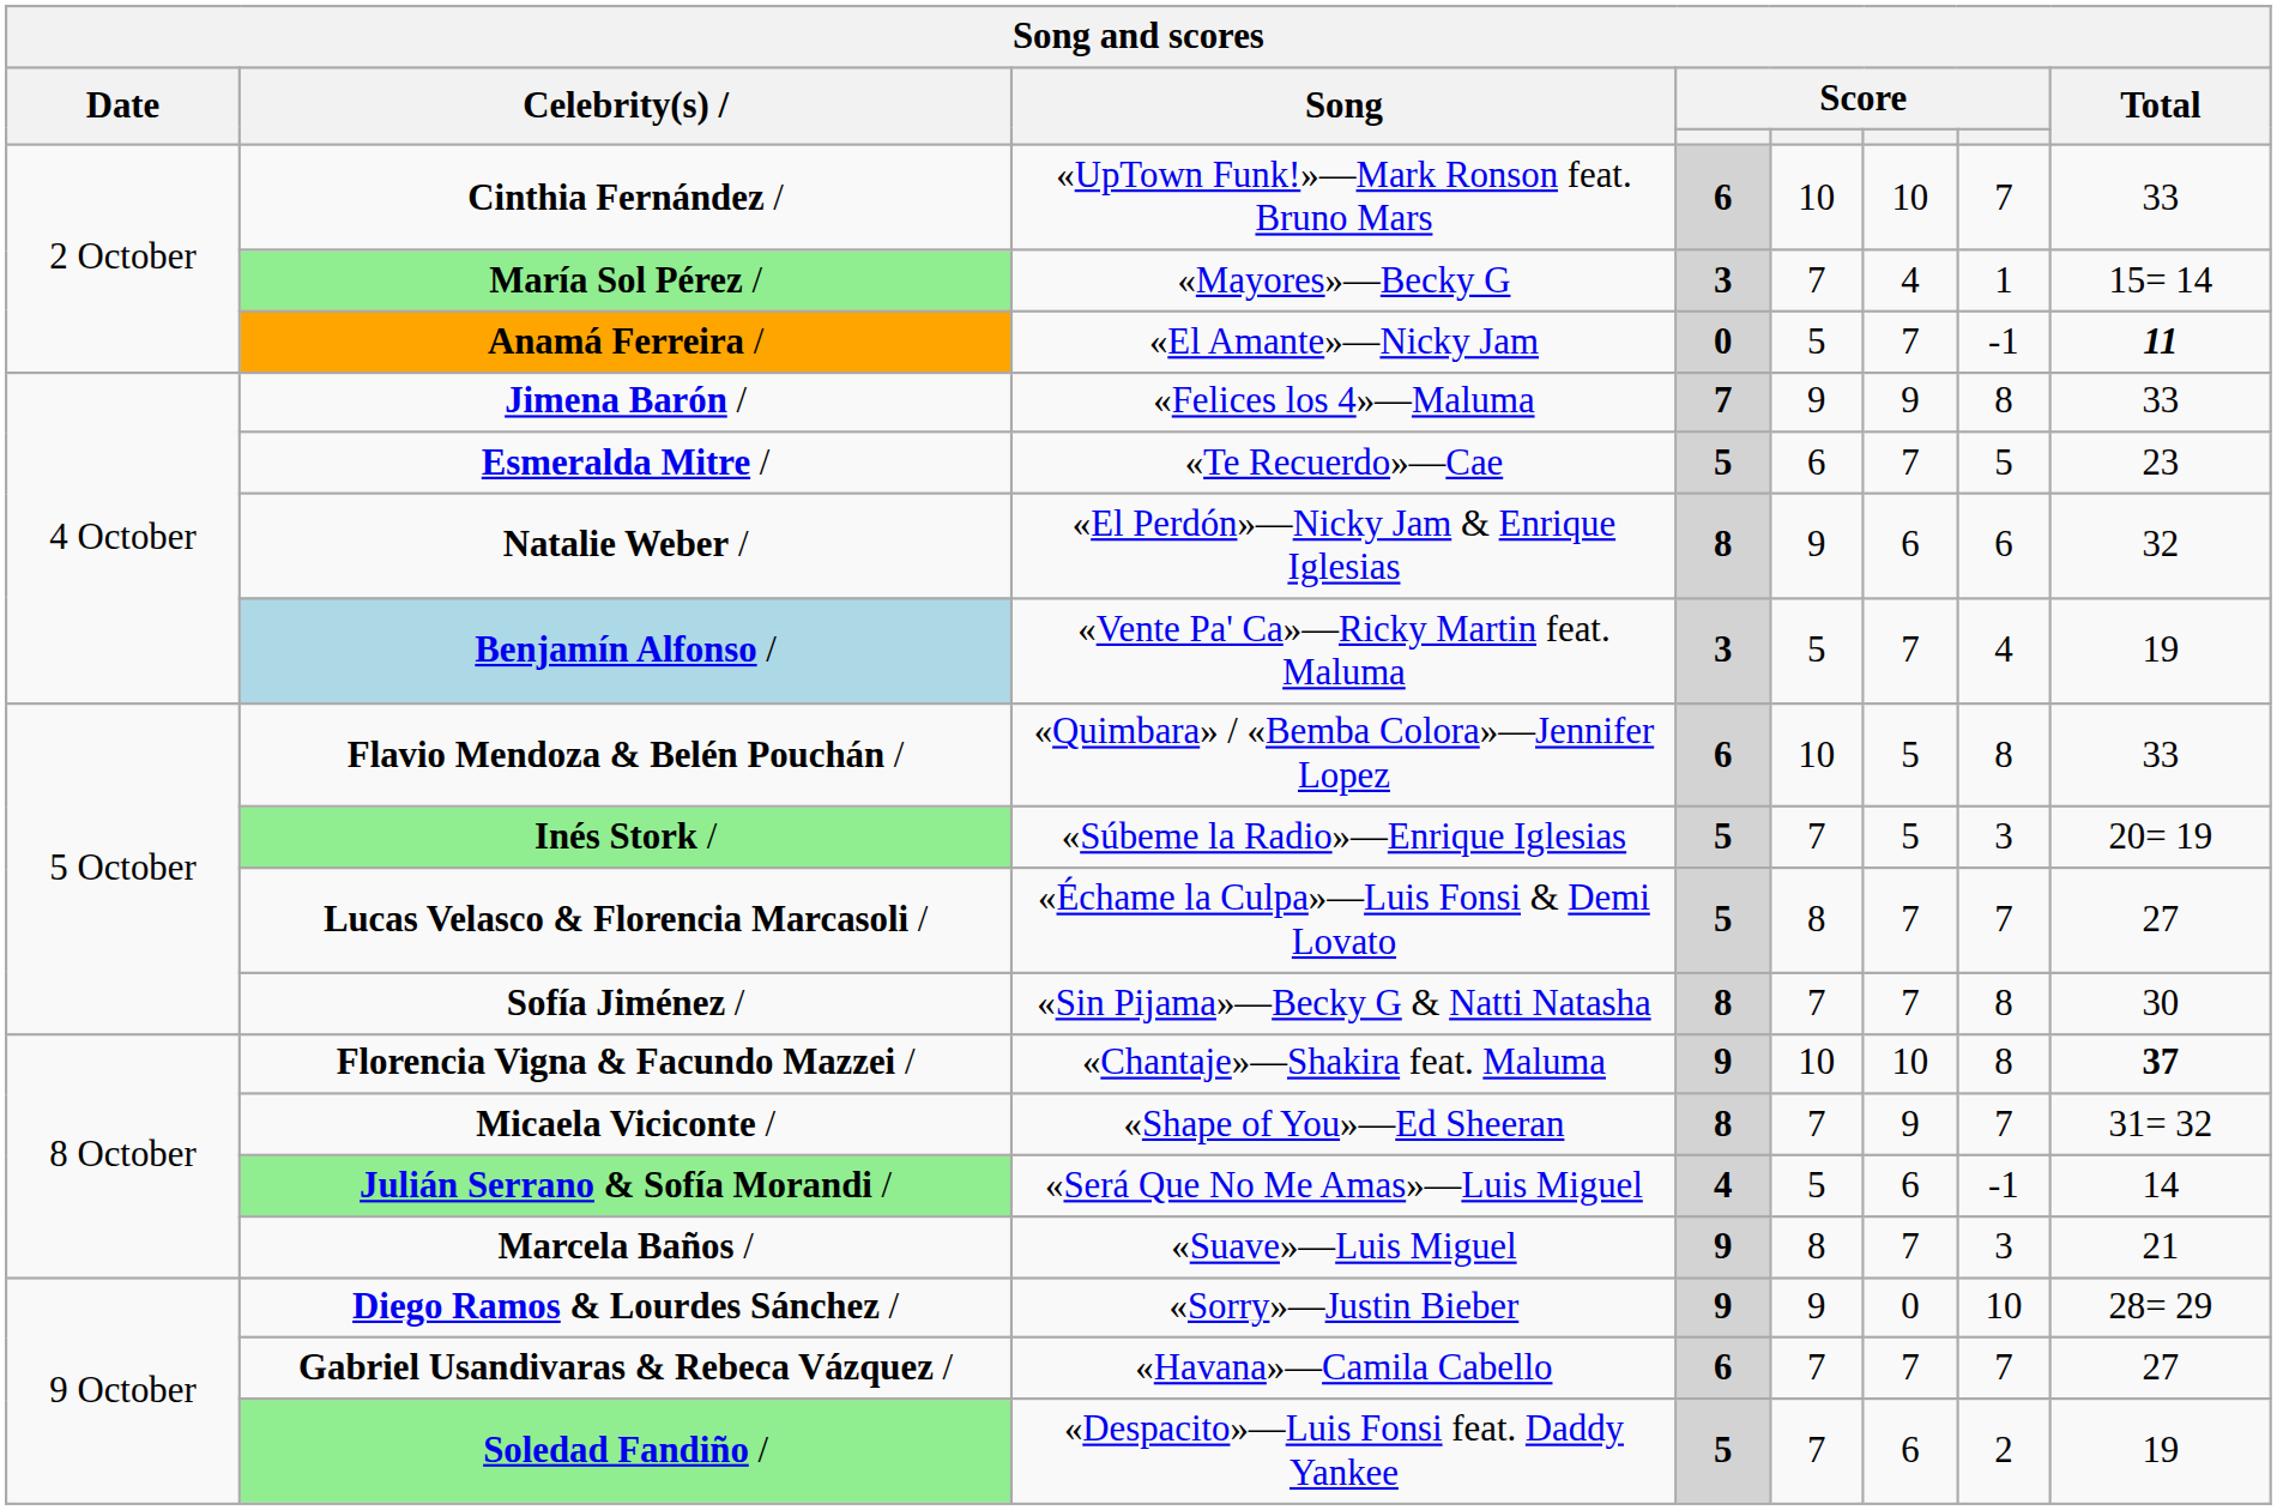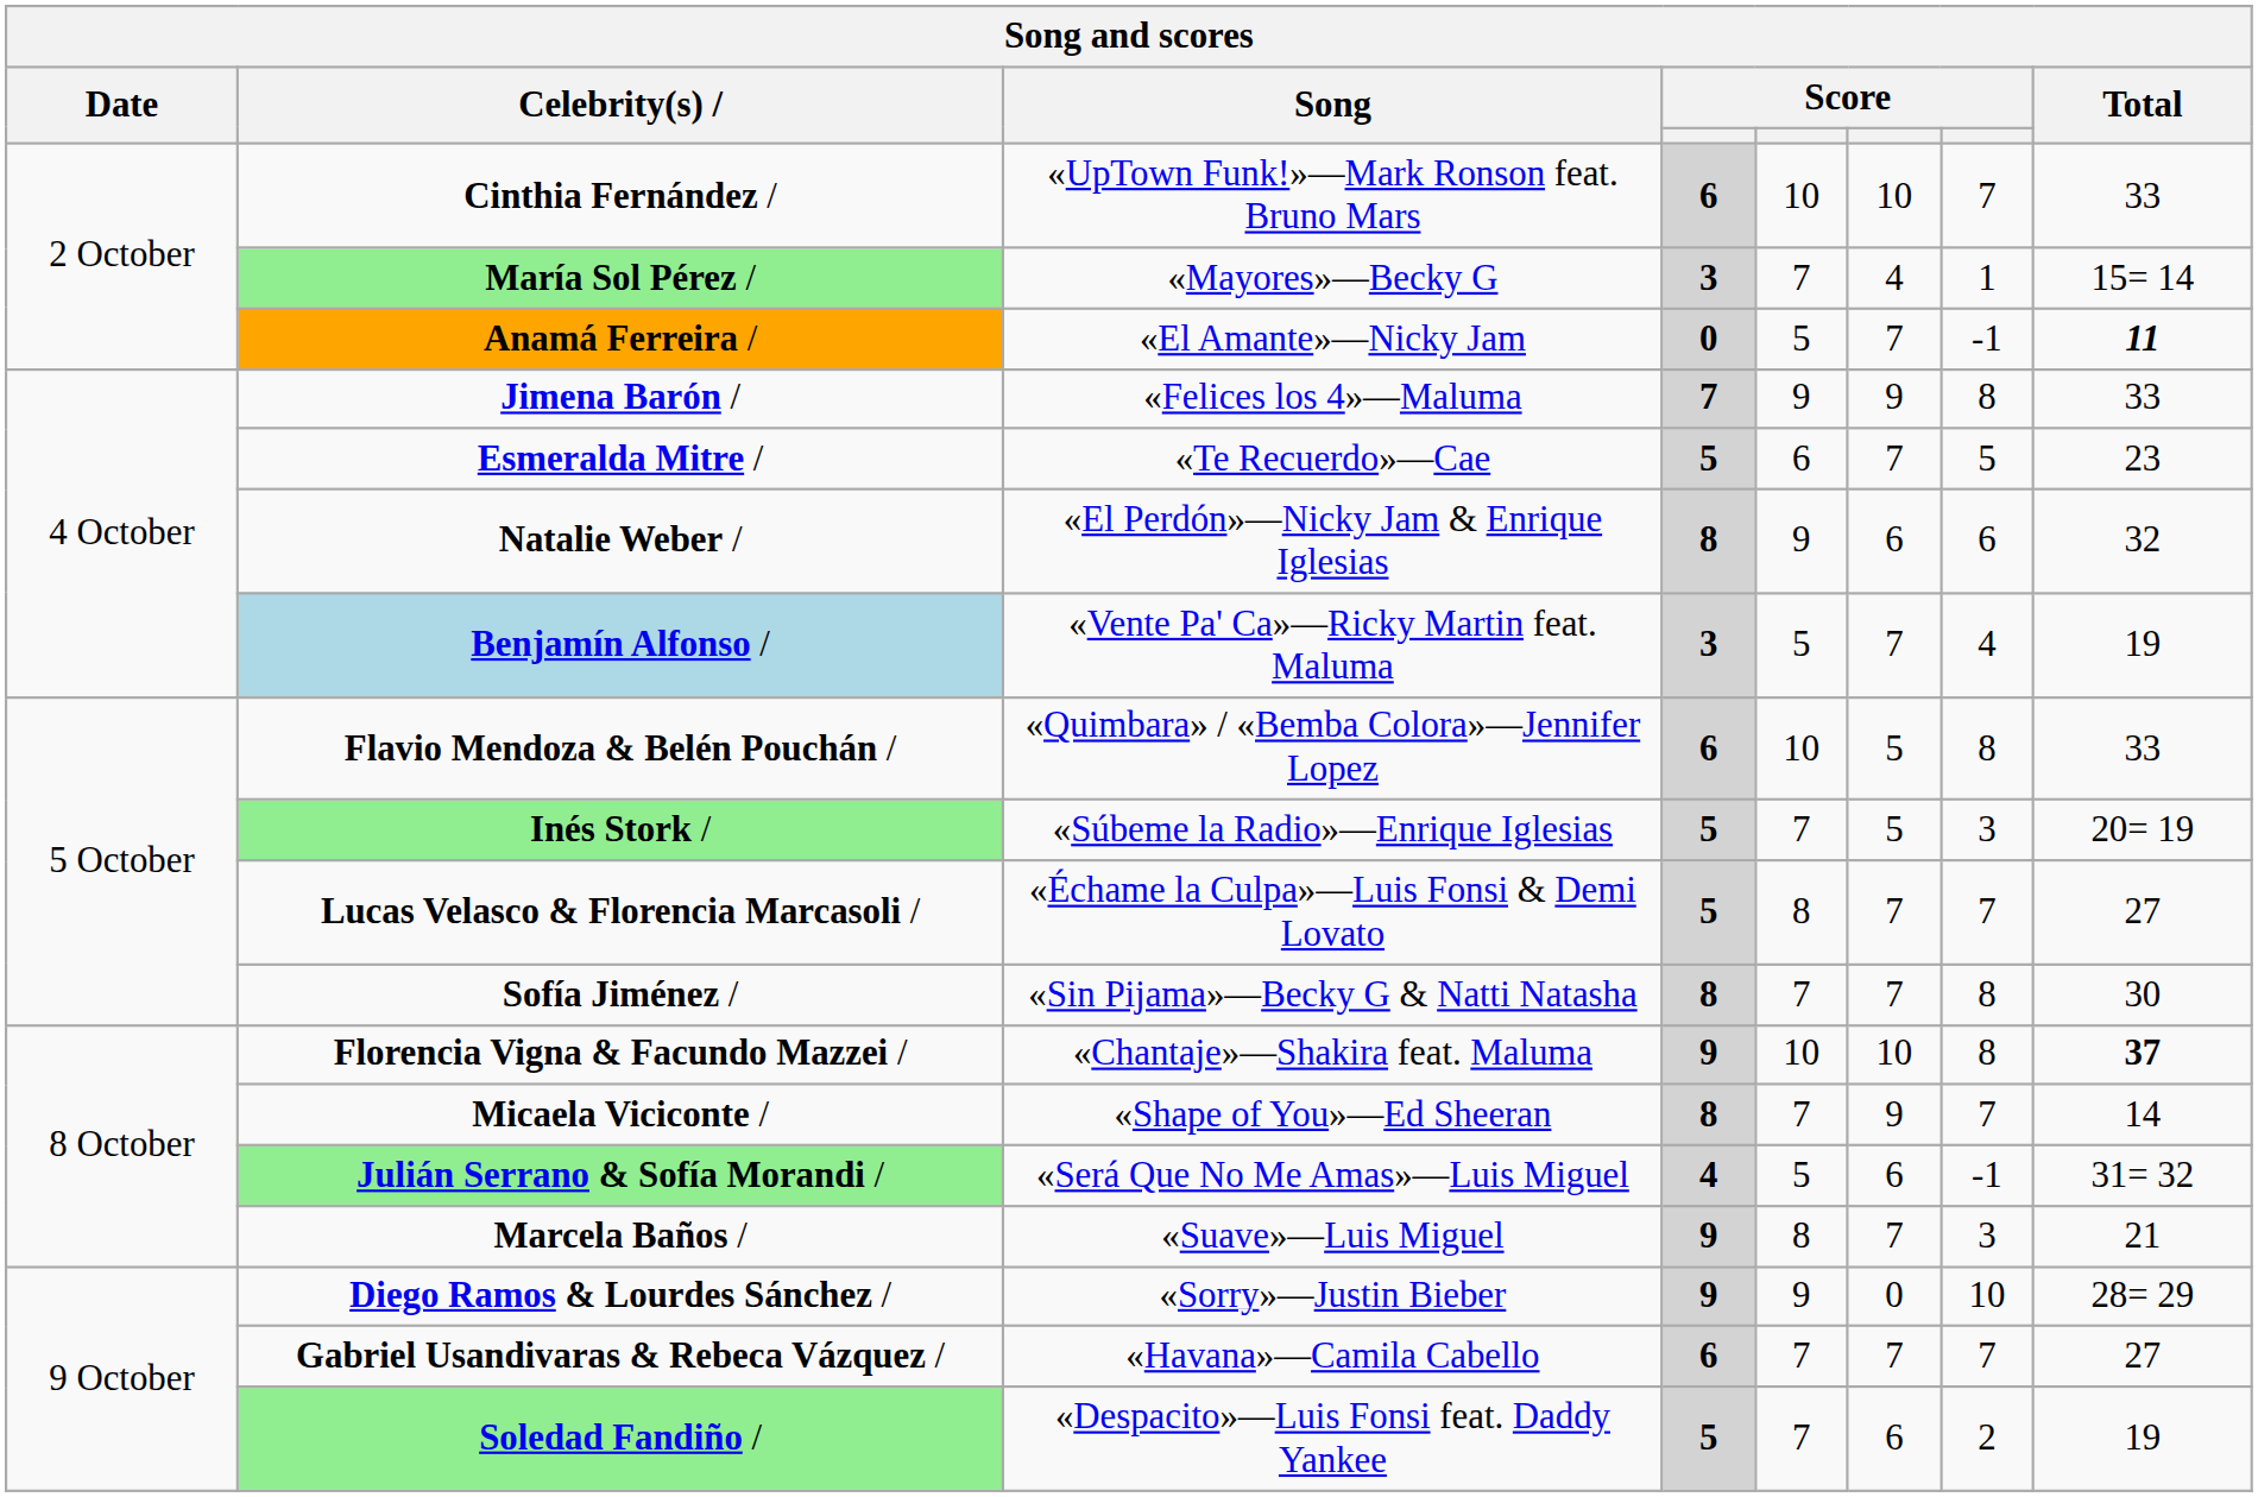 <table class="wikitable collapsible collapsed" style="font-size:90%; text-align: center; width: 100%;">
 <tr>
 <th colspan="11" style="with: 100%;" align=center>Song and scores</th>
 </tr>
 <tr>
 <th rowspan="2" width=80>Date</th>
 <th rowspan="2" width=280>Celebrity(s) / </th>
 <th rowspan="2" width=240>Song </th>
 <th colspan="4">Score</th>
 <th rowspan="2" width=75>Total</th>
 </tr>
 <tr>
 <th width=28></th>
 <th width=28></th>
 <th width=28></th>
 <th width=28></th>
 </tr>
 <tr>
 <td rowspan="3">2 October</td>
 <td bgcolor=""><strong>Cinthia Fernández</strong> / </td>
 <td>«<a href='#'>UpTown Funk!</a>»—<a href='#'>Mark Ronson</a> feat. <a href='#'>Bruno Mars</a></td>
 <td bgcolor="lightgrey"><strong>6</strong></td>
 <td>10</td>
 <td>10</td>
 <td>7</td>
 <td>33</td>
 </tr>
 <tr>
 <td bgcolor="lightgreen"><strong>María Sol Pérez</strong> / </td>
 <td>«<a href='#'>Mayores</a>»—<a href='#'>Becky G</a></td>
 <td bgcolor="lightgrey"><strong>3</strong></td>
 <td>7</td>
 <td>4</td>
 <td>1</td>
 <td>15= 14</td>
 </tr>
 <tr>
 <td bgcolor="orange"><strong>Anamá Ferreira</strong> / </td>
 <td>«<a href='#'>El Amante</a>»—<a href='#'>Nicky Jam</a></td>
 <td bgcolor="lightgrey"><strong>0</strong></td>
 <td>5</td>
 <td>7</td>
 <td>-1</td>
 <td><span><strong><em>11</em></strong></span></td>
 </tr>
 <tr>
 <td rowspan="4">4 October</td>
 <td bgcolor=""><strong><a href='#'>Jimena Barón</a></strong> / </td>
 <td>«<a href='#'>Felices los 4</a>»—<a href='#'>Maluma</a></td>
 <td bgcolor="lightgrey"><strong>7</strong></td>
 <td>9</td>
 <td>9</td>
 <td>8</td>
 <td>33</td>
 </tr>
 <tr>
 <td bgcolor=""><strong><a href='#'>Esmeralda Mitre</a></strong> / </td>
 <td>«<a href='#'>Te Recuerdo</a>»—<a href='#'>Cae</a></td>
 <td bgcolor="lightgrey"><strong>5</strong></td>
 <td>6</td>
 <td>7</td>
 <td>5</td>
 <td>23</td>
 </tr>
 <tr>
 <td bgcolor=""><strong>Natalie Weber</strong> / </td>
 <td>«<a href='#'>El Perdón</a>»—<a href='#'>Nicky Jam</a> & <a href='#'>Enrique Iglesias</a></td>
 <td bgcolor="lightgrey"><strong>8</strong></td>
 <td>9</td>
 <td>6</td>
 <td>6</td>
 <td>32</td>
 </tr>
 <tr>
 <td bgcolor="lightblue"><strong><a href='#'>Benjamín Alfonso</a></strong> / </td>
 <td>«<a href='#'>Vente Pa' Ca</a>»—<a href='#'>Ricky Martin</a> feat. <a href='#'>Maluma</a></td>
 <td bgcolor="lightgrey"><strong>3</strong></td>
 <td>5</td>
 <td>7</td>
 <td>4</td>
 <td>19</td>
 </tr>
 <tr>
 <td rowspan="4">5 October</td>
 <td bgcolor=""><strong>Flavio Mendoza & Belén Pouchán</strong> / </td>
 <td>«<a href='#'>Quimbara</a>» / «<a href='#'>Bemba Colora</a>»—<a href='#'>Jennifer Lopez</a></td>
 <td bgcolor="lightgrey"><strong>6</strong></td>
 <td>10</td>
 <td>5</td>
 <td>8</td>
 <td>33</td>
 </tr>
 <tr>
 <td bgcolor="lightgreen"><strong>Inés Stork</strong> / </td>
 <td>«<a href='#'>Súbeme la Radio</a>»—<a href='#'>Enrique Iglesias</a></td>
 <td bgcolor="lightgrey"><strong>5</strong></td>
 <td>7</td>
 <td>5</td>
 <td>3</td>
 <td>20= 19</td>
 </tr>
 <tr>
 <td bgcolor=""><strong>Lucas Velasco & Florencia Marcasoli</strong> / </td>
 <td>«<a href='#'>Échame la Culpa</a>»—<a href='#'>Luis Fonsi</a> & <a href='#'>Demi Lovato</a></td>
 <td bgcolor="lightgrey"><strong>5</strong></td>
 <td>8</td>
 <td>7</td>
 <td>7</td>
 <td>27</td>
 </tr>
 <tr>
 <td bgcolor=""><strong>Sofía Jiménez</strong> / </td>
 <td>«<a href='#'>Sin Pijama</a>»—<a href='#'>Becky G</a> & <a href='#'>Natti Natasha</a></td>
 <td bgcolor="lightgrey"><strong>8</strong></td>
 <td>7</td>
 <td>7</td>
 <td>8</td>
 <td>30</td>
 </tr>
 <tr>
 <td rowspan="4">8 October</td>
 <td bgcolor=""><strong>Florencia Vigna & Facundo Mazzei</strong> / </td>
 <td>«<a href='#'>Chantaje</a>»—<a href='#'>Shakira</a> feat. <a href='#'>Maluma</a></td>
 <td bgcolor="lightgrey"><strong>9</strong></td>
 <td>10</td>
 <td>10</td>
 <td>8</td>
 <td><span><strong>37</strong></span></td>
 </tr>
 <tr>
 <td bgcolor=""><strong>Micaela Viciconte</strong> / </td>
 <td>«<a href='#'>Shape of You</a>»—<a href='#'>Ed Sheeran</a></td>
 <td bgcolor="lightgrey"><strong>8</strong></td>
 <td>7</td>
 <td>9</td>
 <td>7</td>
-<td>31= 32</td>
+<td>14</td>
 </tr>
 <tr>
 <td bgcolor="lightgreen"><strong><a href='#'>Julián Serrano</a> & Sofía Morandi</strong> / </td>
 <td>«<a href='#'>Será Que No Me Amas</a>»—<a href='#'>Luis Miguel</a></td>
 <td bgcolor="lightgrey"><strong>4</strong></td>
 <td>5</td>
 <td>6</td>
 <td>-1</td>
-<td>14</td>
+<td>31= 32</td>
 </tr>
 <tr>
 <td bgcolor=""><strong>Marcela Baños</strong> / </td>
 <td>«<a href='#'>Suave</a>»—<a href='#'>Luis Miguel</a></td>
 <td bgcolor="lightgrey"><strong>9</strong></td>
 <td>8</td>
 <td>7</td>
 <td>3</td>
 <td>21</td>
 </tr>
 <tr>
 <td rowspan="3">9 October</td>
 <td bgcolor=""><strong><a href='#'>Diego Ramos</a> & Lourdes Sánchez</strong> / </td>
 <td>«<a href='#'>Sorry</a>»—<a href='#'>Justin Bieber</a></td>
 <td bgcolor="lightgrey"><strong>9</strong></td>
 <td>9</td>
 <td>0</td>
 <td>10</td>
 <td>28= 29</td>
 </tr>
 <tr>
 <td bgcolor=""><strong>Gabriel Usandivaras & Rebeca Vázquez</strong> / </td>
 <td>«<a href='#'>Havana</a>»—<a href='#'>Camila Cabello</a></td>
 <td bgcolor="lightgrey"><strong>6</strong></td>
 <td>7</td>
 <td>7</td>
 <td>7</td>
 <td>27</td>
 </tr>
 <tr>
 <td bgcolor="lightgreen"><strong><a href='#'>Soledad Fandiño</a></strong> / </td>
 <td>«<a href='#'>Despacito</a>»—<a href='#'>Luis Fonsi</a> feat. <a href='#'>Daddy Yankee</a></td>
 <td bgcolor="lightgrey"><strong>5</strong></td>
 <td>7</td>
 <td>6</td>
 <td>2</td>
 <td>19</td>
 </tr>
 </table>
